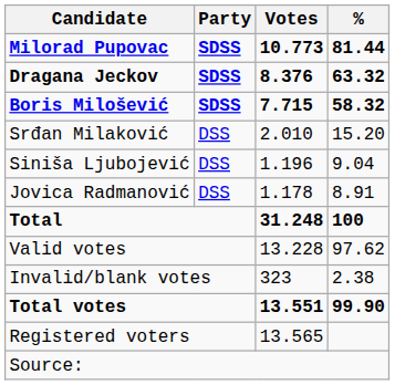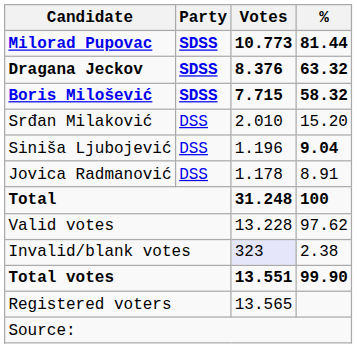 <table class="wikitable" style="text-align: left;">
 <tr>
 <th>Candidate</th>
 <th>Party</th>
 <th>Votes</th>
 <th>%</th>
 </tr>
 <tr>
 <td><strong><a href='#'>Milorad Pupovac</a></strong></td>
 <td><a href='#'><strong>SDSS</strong></a></td>
 <td><strong>10.773</strong></td>
 <td><strong>81.44</strong></td>
 </tr>
 <tr>
 <td><strong>Dragana Jeckov</strong></td>
 <td><a href='#'><strong>SDSS</strong></a></td>
 <td><strong>8.376</strong></td>
 <td><strong>63.32</strong></td>
 </tr>
 <tr>
 <td><strong><a href='#'>Boris Milošević</a></strong></td>
 <td><a href='#'><strong>SDSS</strong></a></td>
 <td><strong>7.715</strong></td>
 <td><strong>58.32</strong></td>
 </tr>
 <tr>
 <td>Srđan Milaković</td>
 <td><a href='#'>DSS</a></td>
 <td>2.010</td>
 <td>15.20</td>
 </tr>
 <tr>
 <td>Siniša Ljubojević</td>
 <td><a href='#'>DSS</a></td>
 <td>1.196</td>
-<td>9.04</td>
+<td><strong>9.04</strong></td>
 </tr>
 <tr>
 <td>Jovica Radmanović</td>
 <td><a href='#'>DSS</a></td>
 <td>1.178</td>
 <td>8.91</td>
 </tr>
 <tr>
 <td colspan="2"><strong>Total</strong></td>
 <td><strong>31.248</strong></td>
 <td><strong>100</strong></td>
 </tr>
 <tr>
 <td colspan="2">Valid votes</td>
 <td>13.228</td>
 <td>97.62</td>
 </tr>
 <tr>
 <td colspan="2">Invalid/blank votes</td>
-<td>323</td>
+<td style="background: lavender;">323</td>
 <td>2.38</td>
 </tr>
 <tr>
 <td colspan="2"><strong>Total votes</strong></td>
 <td><strong>13.551</strong></td>
 <td><strong>99.90</strong></td>
 </tr>
 <tr>
 <td colspan="2">Registered voters</td>
 <td>13.565</td>
 <td></td>
 </tr>
 <tr>
 <td colspan="4">Source: </td>
 </tr>
 </table>
